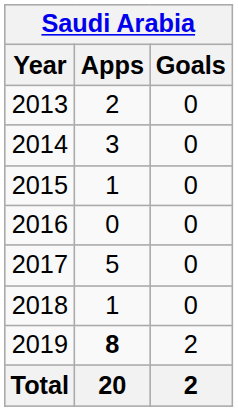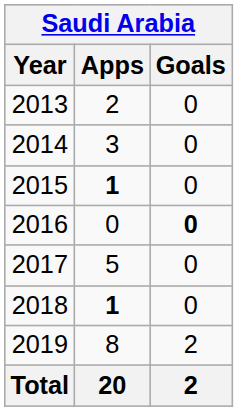 <table class="wikitable" style="text-align:center">
 <tr>
 <th colspan=3><a href='#'>Saudi Arabia</a></th>
 </tr>
 <tr>
 <th>Year</th>
 <th>Apps</th>
 <th>Goals</th>
 </tr>
 <tr>
 <td>2013</td>
 <td>2</td>
 <td>0</td>
 </tr>
 <tr>
 <td>2014</td>
 <td>3</td>
 <td>0</td>
 </tr>
 <tr>
 <td>2015</td>
-<td>1</td>
+<td><strong>1</strong></td>
 <td>0</td>
 </tr>
 <tr>
 <td>2016</td>
 <td>0</td>
-<td>0</td>
+<td><strong>0</strong></td>
 </tr>
 <tr>
 <td>2017</td>
 <td>5</td>
 <td>0</td>
 </tr>
 <tr>
 <td>2018</td>
-<td>1</td>
+<td><strong>1</strong></td>
 <td>0</td>
 </tr>
 <tr>
 <td>2019</td>
-<td><strong>8</strong></td>
+<td>8</td>
 <td>2</td>
 </tr>
 <tr>
 <th>Total</th>
 <th>20</th>
 <th>2</th>
 </tr>
 </table>
